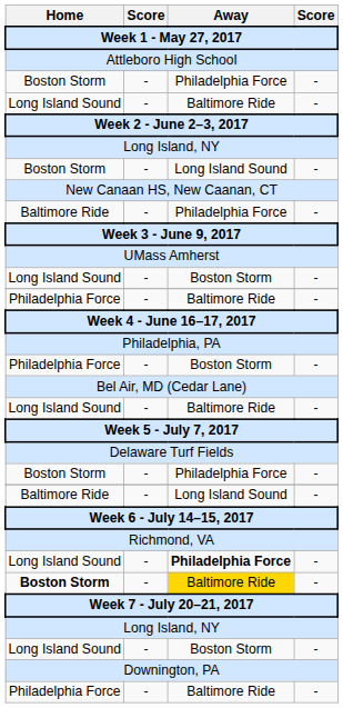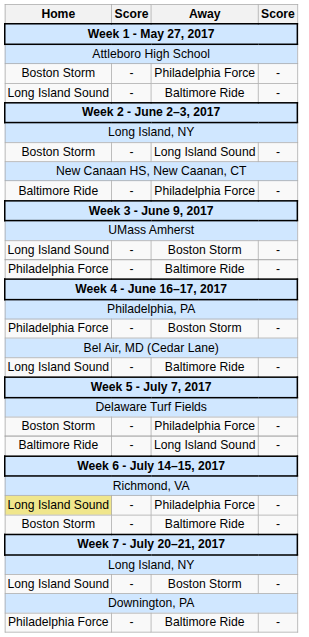 <table class="wikitable">
 <tr style="text-align:center;">
 <th>Home</th>
 <th>Score</th>
 <th>Away</th>
 <th>Score</th>
 </tr>
 <tr style="border: 2px solid black; background:#d0e7ff;">
 <td colspan="8" style="text-align:center;"><strong>Week 1 - May 27, 2017</strong></td>
 </tr>
 <tr style="background:#d0e7ff;">
 <td colspan="8" style="text-align:center;">Attleboro High School</td>
 </tr>
 <tr style="text-align:center;">
 <td>Boston Storm</td>
 <td>-</td>
 <td>Philadelphia Force</td>
 <td>-</td>
 </tr>
 <tr style="text-align:center;">
 <td>Long Island Sound</td>
 <td>-</td>
 <td>Baltimore Ride</td>
 <td>-</td>
 </tr>
 <tr style="border: 2px solid black; background:#d0e7ff;">
 <td colspan="8" style="text-align:center;"><strong>Week 2 - June 2–3, 2017</strong></td>
 </tr>
 <tr style="background:#d0e7ff;">
 <td colspan="8" style="text-align:center;">Long Island, NY</td>
 </tr>
 <tr style="text-align:center;">
 <td>Boston Storm</td>
 <td>-</td>
 <td>Long Island Sound</td>
 <td>-</td>
 </tr>
 <tr style="background:#d0e7ff;">
 <td colspan="8" style="text-align:center;">New Canaan HS, New Caanan, CT</td>
 </tr>
 <tr style="text-align:center;">
 <td>Baltimore Ride</td>
 <td>-</td>
 <td>Philadelphia Force</td>
 <td>-</td>
 </tr>
 <tr style="border: 2px solid black; background:#d0e7ff;">
 <td colspan="8" style="text-align:center;"><strong>Week 3 - June 9, 2017</strong></td>
 </tr>
 <tr style="background:#d0e7ff;">
 <td colspan="8" style="text-align:center;">UMass Amherst</td>
 </tr>
 <tr style="text-align:center;">
 <td>Long Island Sound</td>
 <td>-</td>
 <td>Boston Storm</td>
 <td>-</td>
 </tr>
 <tr style="background:#d0e7ff;">
 </tr>
 <tr style="text-align:center;">
 <td>Philadelphia Force</td>
 <td>-</td>
 <td>Baltimore Ride</td>
 <td>-</td>
 </tr>
 <tr style="border: 2px solid black; background:#d0e7ff;">
 <td colspan="8" style="text-align:center;"><strong>Week 4 - June 16–17, 2017</strong></td>
 </tr>
 <tr style="background:#d0e7ff;">
 <td colspan="8" style="text-align:center;">Philadelphia, PA</td>
 </tr>
 <tr style="text-align:center;">
 <td>Philadelphia Force</td>
 <td>-</td>
 <td>Boston Storm</td>
 <td>-</td>
 </tr>
 <tr style="background:#d0e7ff;">
 <td colspan="8" style="text-align:center;">Bel Air, MD (Cedar Lane)</td>
 </tr>
 <tr style="text-align:center;">
 <td>Long Island Sound</td>
 <td>-</td>
 <td>Baltimore Ride</td>
 <td>-</td>
 </tr>
 <tr style="border: 2px solid black; background:#d0e7ff;">
 <td colspan="8" style="text-align:center;"><strong>Week 5 - July 7, 2017</strong></td>
 </tr>
 <tr style="background:#d0e7ff;">
 <td colspan="8" style="text-align:center;">Delaware Turf Fields</td>
 </tr>
 <tr style="text-align:center;">
 <td>Boston Storm</td>
 <td>-</td>
 <td>Philadelphia Force</td>
 <td>-</td>
 </tr>
 <tr style="background:#d0e7ff;">
 </tr>
 <tr style="text-align:center;">
 <td>Baltimore Ride</td>
 <td>-</td>
 <td>Long Island Sound</td>
 <td>-</td>
 </tr>
 <tr style="border: 2px solid black; background:#d0e7ff;">
 <td colspan="8" style="text-align:center;"><strong>Week 6 - July 14–15, 2017</strong></td>
 </tr>
 <tr style="background:#d0e7ff;">
 <td colspan="8" style="text-align:center;">Richmond, VA</td>
 </tr>
 <tr style="text-align:center;">
-<td>Long Island Sound</td>
+<td style="background: khaki;">Long Island Sound</td>
 <td>-</td>
-<td><strong>Philadelphia Force</strong></td>
+<td>Philadelphia Force</td>
 <td>-</td>
 </tr>
 <tr style="text-align:center;">
-<td><strong>Boston Storm</strong></td>
+<td>Boston Storm</td>
 <td>-</td>
-<td style="background: gold;">Baltimore Ride</td>
+<td>Baltimore Ride</td>
 <td>-</td>
 </tr>
 <tr style="border: 2px solid black; background:#d0e7ff;">
 <td colspan="8" style="text-align:center;"><strong>Week 7 - July 20–21, 2017</strong></td>
 </tr>
 <tr style="background:#d0e7ff;">
 <td colspan="8" style="text-align:center;">Long Island, NY</td>
 </tr>
 <tr style="text-align:center;">
 <td>Long Island Sound</td>
 <td>-</td>
 <td>Boston Storm</td>
 <td>-</td>
 </tr>
 <tr style="background:#d0e7ff;">
 <td colspan="8" style="text-align:center;">Downington, PA</td>
 </tr>
 <tr style="text-align:center;">
 <td>Philadelphia Force</td>
 <td>-</td>
 <td>Baltimore Ride</td>
 <td>-</td>
 </tr>
 </table>
